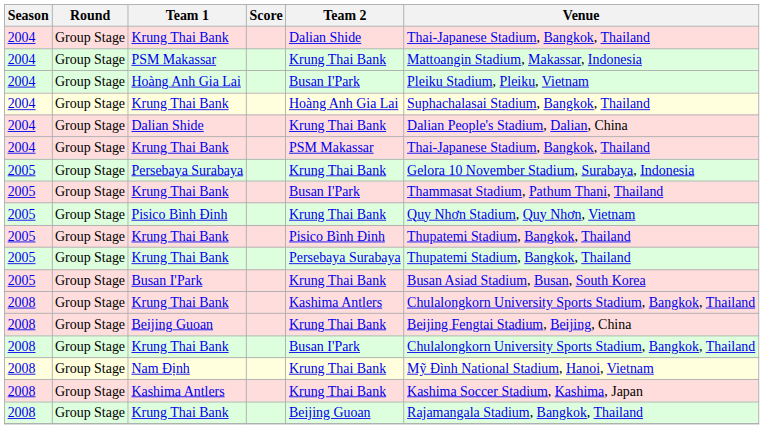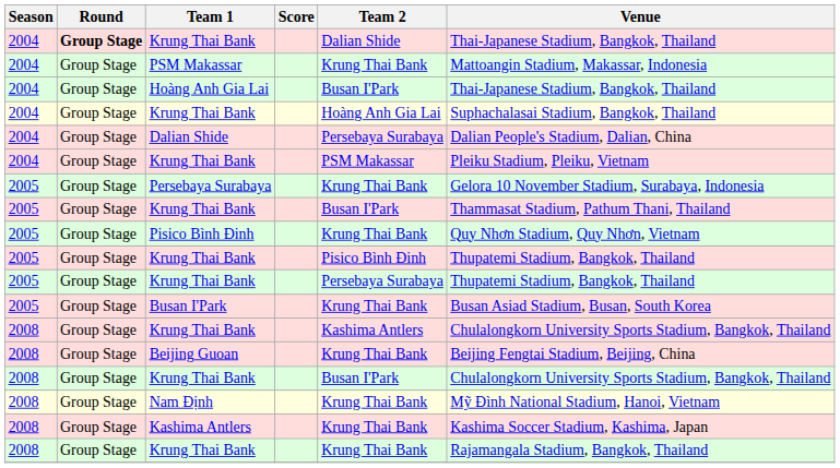 <table class="wikitable">
 <tr>
 <th>Season</th>
 <th>Round</th>
 <th>Team 1</th>
 <th>Score</th>
 <th>Team 2</th>
 <th>Venue</th>
 </tr>
 <tr style="background:#ffdddd">
 <td><a href='#'>2004</a></td>
-<td>Group Stage</td>
+<td><strong>Group Stage</strong></td>
 <td> <a href='#'>Krung Thai Bank</a></td>
 <td></td>
 <td> <a href='#'>Dalian Shide</a></td>
 <td><a href='#'>Thai-Japanese Stadium</a>, <a href='#'>Bangkok</a>, <a href='#'>Thailand</a></td>
 </tr>
 <tr style="background:#ddffdd">
 <td><a href='#'>2004</a></td>
 <td>Group Stage</td>
 <td> <a href='#'>PSM Makassar</a></td>
 <td></td>
 <td> <a href='#'>Krung Thai Bank</a></td>
 <td><a href='#'>Mattoangin Stadium</a>, <a href='#'>Makassar</a>, <a href='#'>Indonesia</a></td>
 </tr>
 <tr style="background:#ddffdd">
 <td><a href='#'>2004</a></td>
 <td>Group Stage</td>
 <td> <a href='#'>Hoàng Anh Gia Lai</a></td>
 <td></td>
 <td> <a href='#'>Busan I'Park</a></td>
-<td><a href='#'>Pleiku Stadium</a>, <a href='#'>Pleiku</a>, <a href='#'>Vietnam</a></td>
+<td><a href='#'>Thai-Japanese Stadium</a>, <a href='#'>Bangkok</a>, <a href='#'>Thailand</a></td>
 </tr>
 <tr style="background:#ffffdd">
 <td><a href='#'>2004</a></td>
 <td>Group Stage</td>
 <td> <a href='#'>Krung Thai Bank</a></td>
 <td></td>
 <td> <a href='#'>Hoàng Anh Gia Lai</a></td>
 <td><a href='#'>Suphachalasai Stadium</a>, <a href='#'>Bangkok</a>, <a href='#'>Thailand</a></td>
 </tr>
 <tr style="background:#ffdddd">
 <td><a href='#'>2004</a></td>
 <td>Group Stage</td>
 <td> <a href='#'>Dalian Shide</a></td>
 <td></td>
-<td> <a href='#'>Krung Thai Bank</a></td>
+<td> <a href='#'>Persebaya Surabaya</a></td>
 <td><a href='#'>Dalian People's Stadium</a>, <a href='#'>Dalian</a>, China</td>
 </tr>
 <tr style="background:#ffdddd">
 <td><a href='#'>2004</a></td>
 <td>Group Stage</td>
 <td> <a href='#'>Krung Thai Bank</a></td>
 <td></td>
 <td> <a href='#'>PSM Makassar</a></td>
-<td><a href='#'>Thai-Japanese Stadium</a>, <a href='#'>Bangkok</a>, <a href='#'>Thailand</a></td>
+<td><a href='#'>Pleiku Stadium</a>, <a href='#'>Pleiku</a>, <a href='#'>Vietnam</a></td>
 </tr>
 <tr style="background:#ddffdd">
 <td><a href='#'>2005</a></td>
 <td>Group Stage</td>
 <td> <a href='#'>Persebaya Surabaya</a></td>
 <td></td>
 <td> <a href='#'>Krung Thai Bank</a></td>
 <td><a href='#'>Gelora 10 November Stadium</a>, <a href='#'>Surabaya</a>, <a href='#'>Indonesia</a></td>
 </tr>
 <tr style="background:#ffdddd">
 <td><a href='#'>2005</a></td>
 <td>Group Stage</td>
 <td> <a href='#'>Krung Thai Bank</a></td>
 <td></td>
 <td> <a href='#'>Busan I'Park</a></td>
 <td><a href='#'>Thammasat Stadium</a>, <a href='#'>Pathum Thani</a>, <a href='#'>Thailand</a></td>
 </tr>
 <tr style="background:#ddffdd">
 <td><a href='#'>2005</a></td>
 <td>Group Stage</td>
 <td> <a href='#'>Pisico Bình Đinh</a></td>
 <td></td>
 <td> <a href='#'>Krung Thai Bank</a></td>
 <td><a href='#'>Quy Nhơn Stadium</a>, <a href='#'>Quy Nhơn</a>, <a href='#'>Vietnam</a></td>
 </tr>
 <tr style="background:#ffdddd">
 <td><a href='#'>2005</a></td>
 <td>Group Stage</td>
 <td> <a href='#'>Krung Thai Bank</a></td>
 <td></td>
 <td> <a href='#'>Pisico Bình Đinh</a></td>
 <td><a href='#'>Thupatemi Stadium</a>, <a href='#'>Bangkok</a>, <a href='#'>Thailand</a></td>
 </tr>
 <tr style="background:#ddffdd">
 <td><a href='#'>2005</a></td>
 <td>Group Stage</td>
 <td> <a href='#'>Krung Thai Bank</a></td>
 <td></td>
 <td> <a href='#'>Persebaya Surabaya</a></td>
 <td><a href='#'>Thupatemi Stadium</a>, <a href='#'>Bangkok</a>, <a href='#'>Thailand</a></td>
 </tr>
 <tr style="background:#ffdddd">
 <td><a href='#'>2005</a></td>
 <td>Group Stage</td>
 <td> <a href='#'>Busan I'Park</a></td>
 <td></td>
 <td> <a href='#'>Krung Thai Bank</a></td>
 <td><a href='#'>Busan Asiad Stadium</a>, <a href='#'>Busan</a>, <a href='#'>South Korea</a></td>
 </tr>
 <tr style="background:#ffdddd">
 <td><a href='#'>2008</a></td>
 <td>Group Stage</td>
 <td> <a href='#'>Krung Thai Bank</a></td>
 <td></td>
 <td> <a href='#'>Kashima Antlers</a></td>
 <td><a href='#'>Chulalongkorn University Sports Stadium</a>, <a href='#'>Bangkok</a>, <a href='#'>Thailand</a></td>
 </tr>
 <tr style="background:#ffdddd">
 <td><a href='#'>2008</a></td>
 <td>Group Stage</td>
 <td> <a href='#'>Beijing Guoan</a></td>
 <td></td>
 <td> <a href='#'>Krung Thai Bank</a></td>
 <td><a href='#'>Beijing Fengtai Stadium</a>, <a href='#'>Beijing</a>, China</td>
 </tr>
 <tr style="background:#ddffdd">
 <td><a href='#'>2008</a></td>
 <td>Group Stage</td>
 <td> <a href='#'>Krung Thai Bank</a></td>
 <td></td>
 <td> <a href='#'>Busan I'Park</a></td>
 <td><a href='#'>Chulalongkorn University Sports Stadium</a>, <a href='#'>Bangkok</a>, <a href='#'>Thailand</a></td>
 </tr>
 <tr style="background:#ffffdd">
 <td><a href='#'>2008</a></td>
 <td>Group Stage</td>
 <td> <a href='#'>Nam Định</a></td>
 <td></td>
 <td> <a href='#'>Krung Thai Bank</a></td>
 <td><a href='#'>Mỹ Đình National Stadium</a>, <a href='#'>Hanoi</a>, <a href='#'>Vietnam</a></td>
 </tr>
 <tr style="background:#ffdddd">
 <td><a href='#'>2008</a></td>
 <td>Group Stage</td>
 <td> <a href='#'>Kashima Antlers</a></td>
 <td></td>
 <td> <a href='#'>Krung Thai Bank</a></td>
 <td><a href='#'>Kashima Soccer Stadium</a>, <a href='#'>Kashima</a>, Japan</td>
 </tr>
 <tr style="background:#ddffdd">
 <td><a href='#'>2008</a></td>
 <td>Group Stage</td>
 <td> <a href='#'>Krung Thai Bank</a></td>
 <td></td>
-<td> <a href='#'>Beijing Guoan</a></td>
+<td> <a href='#'>Krung Thai Bank</a></td>
 <td><a href='#'>Rajamangala Stadium</a>, <a href='#'>Bangkok</a>, <a href='#'>Thailand</a></td>
 </tr>
 <tr>
 </tr>
 </table>
